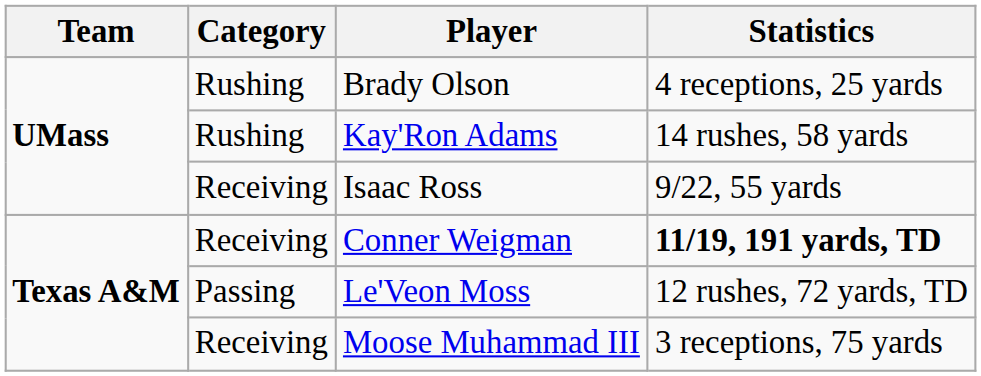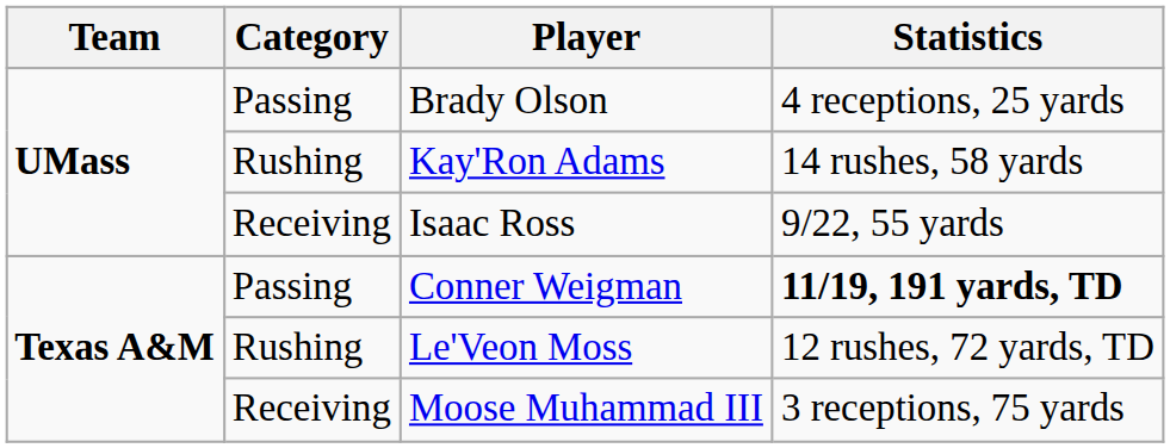 <table class="wikitable" style="float: right;">
 <tr>
 <th>Team</th>
 <th>Category</th>
 <th>Player</th>
 <th>Statistics</th>
 </tr>
 <tr>
 <td rowspan=3><strong>UMass</strong></td>
-<td>Rushing</td>
+<td>Passing</td>
 <td>Brady Olson</td>
 <td>4 receptions, 25 yards</td>
 </tr>
 <tr>
 <td>Rushing</td>
 <td><a href='#'>Kay'Ron Adams</a></td>
 <td>14 rushes, 58 yards</td>
 </tr>
 <tr>
 <td>Receiving</td>
 <td>Isaac Ross</td>
 <td>9/22, 55 yards</td>
 </tr>
 <tr>
 <td rowspan=3><strong>Texas A&M</strong></td>
-<td>Receiving</td>
+<td>Passing</td>
 <td><a href='#'>Conner Weigman</a></td>
 <td><strong>11/19, 191 yards, TD</strong></td>
 </tr>
 <tr>
-<td>Passing</td>
+<td>Rushing</td>
 <td><a href='#'>Le'Veon Moss</a></td>
 <td>12 rushes, 72 yards, TD</td>
 </tr>
 <tr>
 <td>Receiving</td>
 <td><a href='#'>Moose Muhammad III</a></td>
 <td>3 receptions, 75 yards</td>
 </tr>
 </table>
